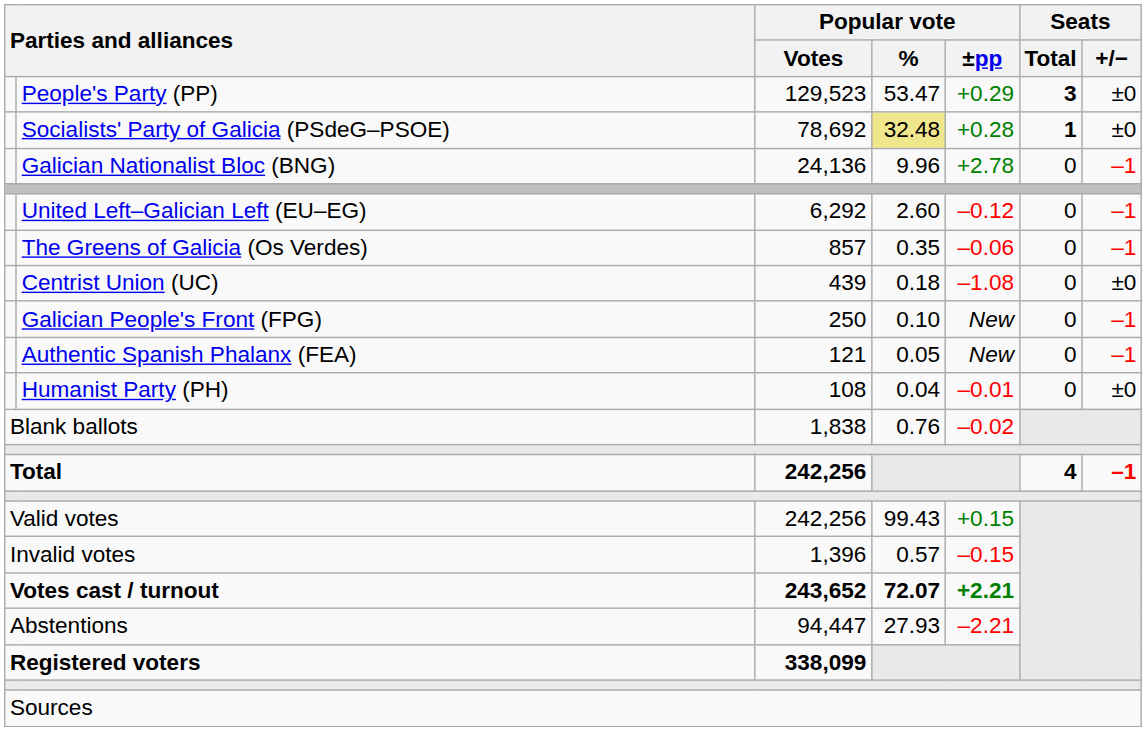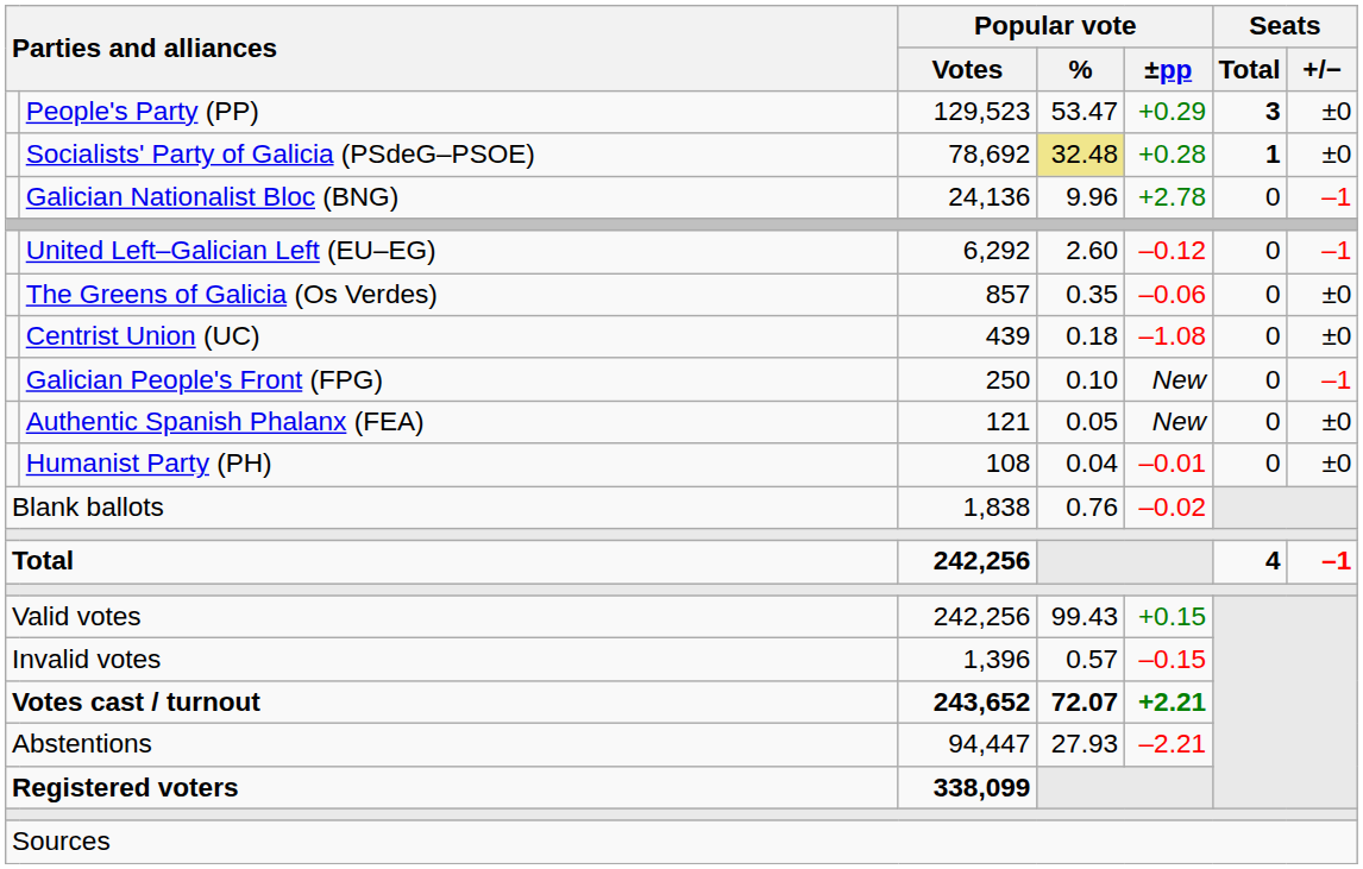 <table class="wikitable" style="text-align:right;">
 <tr>
 <th style="text-align:left;" rowspan="2" colspan="2" width="525">Parties and alliances</th>
 <th colspan="3">Popular vote</th>
 <th colspan="2">Seats</th>
 </tr>
 <tr>
 <th width="75">Votes</th>
 <th width="45">%</th>
 <th width="45">±<a href='#'>pp</a></th>
 <th width="35">Total</th>
 <th width="35">+/−</th>
 </tr>
 <tr>
 <td width="1" style="color:inherit;background:"></td>
 <td align="left"><a href='#'>People's Party</a> (PP)</td>
 <td>129,523</td>
 <td>53.47</td>
 <td style="color:green;">+0.29</td>
 <td><strong>3</strong></td>
 <td>±0</td>
 </tr>
 <tr>
 <td style="color:inherit;background:"></td>
 <td align="left"><a href='#'>Socialists' Party of Galicia</a> (PSdeG–PSOE)</td>
 <td>78,692</td>
 <td style="background: khaki;">32.48</td>
 <td style="color:green;">+0.28</td>
 <td><strong>1</strong></td>
 <td>±0</td>
 </tr>
 <tr>
 <td style="color:inherit;background:"></td>
 <td align="left"><a href='#'>Galician Nationalist Bloc</a> (BNG)</td>
 <td>24,136</td>
 <td>9.96</td>
 <td style="color:green;">+2.78</td>
 <td>0</td>
 <td style="color:red;">–1</td>
 </tr>
 <tr>
 <td colspan="7" bgcolor="#C0C0C0"></td>
 </tr>
 <tr>
 <td style="color:inherit;background:"></td>
 <td align="left"><a href='#'>United Left–Galician Left</a> (EU–EG)</td>
 <td>6,292</td>
 <td>2.60</td>
 <td style="color:red;">–0.12</td>
 <td>0</td>
 <td style="color:red;">–1</td>
 </tr>
 <tr>
 <td style="color:inherit;background:"></td>
 <td align="left"><a href='#'>The Greens of Galicia</a> (Os Verdes)</td>
 <td>857</td>
 <td>0.35</td>
 <td style="color:red;">–0.06</td>
 <td>0</td>
-<td style="color:red;">–1</td>
+<td>±0</td>
 </tr>
 <tr>
 <td style="color:inherit;background:"></td>
 <td align="left"><a href='#'>Centrist Union</a> (UC)</td>
 <td>439</td>
 <td>0.18</td>
 <td style="color:red;">–1.08</td>
 <td>0</td>
 <td>±0</td>
 </tr>
 <tr>
 <td style="color:inherit;background:"></td>
 <td align="left"><a href='#'>Galician People's Front</a> (FPG)</td>
 <td>250</td>
 <td>0.10</td>
 <td><em>New</em></td>
 <td>0</td>
 <td style="color:red;">–1</td>
 </tr>
 <tr>
 <td style="color:inherit;background:"></td>
 <td align="left"><a href='#'>Authentic Spanish Phalanx</a> (FEA)</td>
 <td>121</td>
 <td>0.05</td>
 <td><em>New</em></td>
 <td>0</td>
-<td style="color:red;">–1</td>
+<td>±0</td>
 </tr>
 <tr>
 <td style="color:inherit;background:"></td>
 <td align="left"><a href='#'>Humanist Party</a> (PH)</td>
 <td>108</td>
 <td>0.04</td>
 <td style="color:red;">–0.01</td>
 <td>0</td>
 <td>±0</td>
 </tr>
 <tr>
 <td align="left" colspan="2">Blank ballots</td>
 <td>1,838</td>
 <td>0.76</td>
 <td style="color:red;">–0.02</td>
 <td bgcolor="#E9E9E9" colspan="2"></td>
 </tr>
 <tr>
 <td colspan="7" bgcolor="#E9E9E9"></td>
 </tr>
 <tr style="font-weight:bold;">
 <td align="left" colspan="2">Total</td>
 <td>242,256</td>
 <td bgcolor="#E9E9E9" colspan="2"></td>
 <td>4</td>
 <td style="color:red;">–1</td>
 </tr>
 <tr>
 <td colspan="7" bgcolor="#E9E9E9"></td>
 </tr>
 <tr>
 <td align="left" colspan="2">Valid votes</td>
 <td>242,256</td>
 <td>99.43</td>
 <td style="color:green;">+0.15</td>
 <td bgcolor="#E9E9E9" colspan="2" rowspan="5"></td>
 </tr>
 <tr>
 <td align="left" colspan="2">Invalid votes</td>
 <td>1,396</td>
 <td>0.57</td>
 <td style="color:red;">–0.15</td>
 </tr>
 <tr style="font-weight:bold;">
 <td align="left" colspan="2">Votes cast / turnout</td>
 <td>243,652</td>
 <td>72.07</td>
 <td style="color:green;">+2.21</td>
 </tr>
 <tr>
 <td align="left" colspan="2">Abstentions</td>
 <td>94,447</td>
 <td>27.93</td>
 <td style="color:red;">–2.21</td>
 </tr>
 <tr style="font-weight:bold;">
 <td align="left" colspan="2">Registered voters</td>
 <td>338,099</td>
 <td bgcolor="#E9E9E9" colspan="2"></td>
 </tr>
 <tr>
 <td colspan="7" bgcolor="#E9E9E9"></td>
 </tr>
 <tr>
 <td align="left" colspan="7">Sources</td>
 </tr>
 </table>
